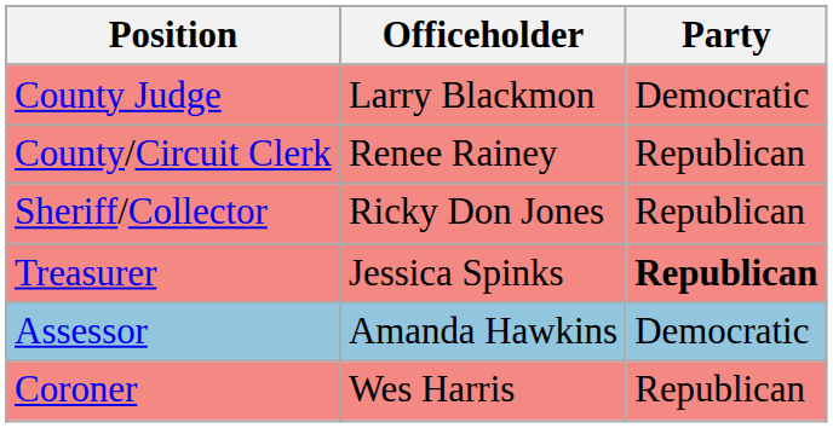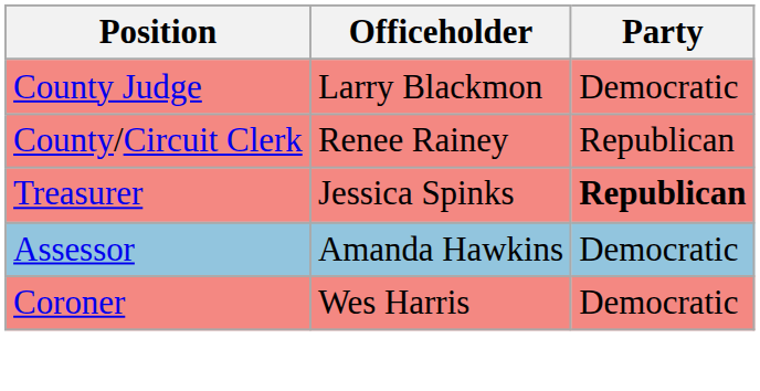 <table class="wikitable mw-collapsible">
 <tr>
 <th>Position</th>
 <th>Officeholder</th>
 <th>Party</th>
 </tr>
 <tr style="background-color: #F48882;">
 <td><a href='#'>County Judge</a></td>
 <td>Larry Blackmon</td>
 <td>Democratic</td>
 </tr>
 <tr style="background-color: #F48882;">
 <td><a href='#'>County</a>/<a href='#'>Circuit Clerk</a></td>
 <td>Renee Rainey</td>
 <td>Republican</td>
 </tr>
 <tr style="background-color: #F48882;">
-<td><a href='#'>Sheriff</a>/<a href='#'>Collector</a></td>
-<td>Ricky Don Jones</td>
-<td>Republican</td>
-</tr>
-<tr style="background-color: #F48882;">
 <td><a href='#'>Treasurer</a></td>
 <td>Jessica Spinks</td>
 <td><strong>Republican</strong></td>
 </tr>
 <tr style="background-color: #92C5DE;">
 <td><a href='#'>Assessor</a></td>
 <td>Amanda Hawkins</td>
 <td>Democratic</td>
 </tr>
 <tr style="background-color: #F48882;">
 <td><a href='#'>Coroner</a></td>
 <td>Wes Harris</td>
-<td>Republican</td>
+<td>Democratic</td>
 </tr>
 </table>
